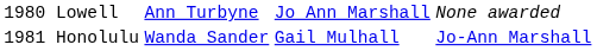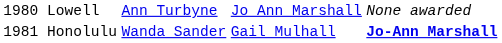 <table>
 <tr>
 <td>1980 Lowell</td>
 <td> <a href='#'>Ann Turbyne</a></td>
 <td> <a href='#'>Jo Ann Marshall</a></td>
 <td><em>None awarded</em></td>
 </tr>
 <tr>
 <td>1981 Honolulu</td>
 <td> <a href='#'>Wanda Sander</a></td>
 <td> <a href='#'>Gail Mulhall</a></td>
-<td> <a href='#'>Jo-Ann Marshall</a></td>
+<td><strong> <a href='#'>Jo-Ann Marshall</a></strong></td>
 </tr>
 </table>
